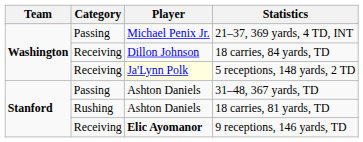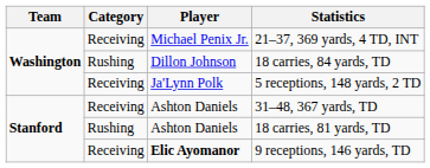 <table class="wikitable" style="float: right;">
 <tr>
 <th>Team</th>
 <th>Category</th>
 <th>Player</th>
 <th>Statistics</th>
 </tr>
 <tr>
 <td rowspan=3><strong>Washington</strong></td>
-<td>Passing</td>
+<td>Receiving</td>
 <td><a href='#'>Michael Penix Jr.</a></td>
 <td>21–37, 369 yards, 4 TD, INT</td>
 </tr>
 <tr>
-<td>Receiving</td>
+<td>Rushing</td>
 <td><a href='#'>Dillon Johnson</a></td>
 <td>18 carries, 84 yards, TD</td>
 </tr>
 <tr>
 <td>Receiving</td>
-<td style="background: lightyellow;"><a href='#'>Ja'Lynn Polk</a></td>
+<td><a href='#'>Ja'Lynn Polk</a></td>
 <td>5 receptions, 148 yards, 2 TD</td>
 </tr>
 <tr>
 <td rowspan=3><strong>Stanford</strong></td>
-<td>Passing</td>
+<td>Receiving</td>
 <td>Ashton Daniels</td>
 <td>31–48, 367 yards, TD</td>
 </tr>
 <tr>
 <td>Rushing</td>
 <td>Ashton Daniels</td>
 <td>18 carries, 81 yards, TD</td>
 </tr>
 <tr>
 <td>Receiving</td>
 <td><strong>Elic Ayomanor</strong></td>
 <td>9 receptions, 146 yards, TD</td>
 </tr>
 </table>
